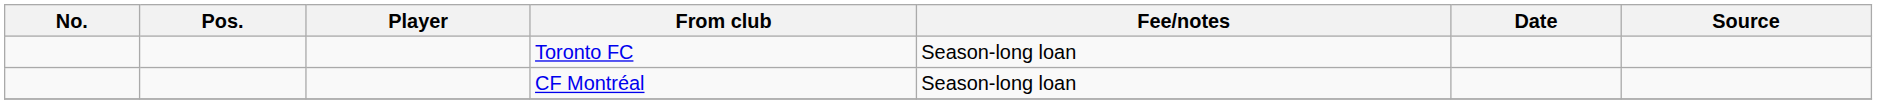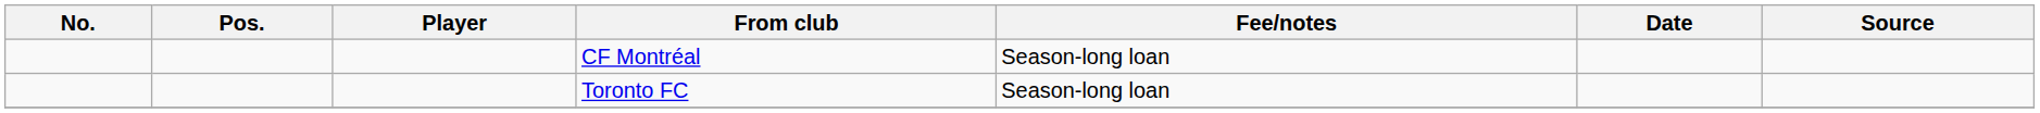 <table class="wikitable sortable" style="width:90%; font-size:95%;">
 <tr>
 <th>No.</th>
 <th>Pos.</th>
 <th>Player</th>
 <th>From club</th>
 <th>Fee/notes</th>
 <th>Date</th>
 <th>Source</th>
 </tr>
 <tr>
 <td align=center></td>
 <td align=center></td>
 <td></td>
-<td> <a href='#'>Toronto FC</a></td>
+<td> <a href='#'>CF Montréal</a></td>
 <td>Season-long loan</td>
 <td></td>
 <td></td>
 </tr>
 <tr>
 <td align=center></td>
 <td align=center></td>
 <td></td>
-<td> <a href='#'>CF Montréal</a></td>
+<td> <a href='#'>Toronto FC</a></td>
 <td>Season-long loan</td>
 <td></td>
 <td></td>
 </tr>
 <tr>
 </tr>
 </table>
